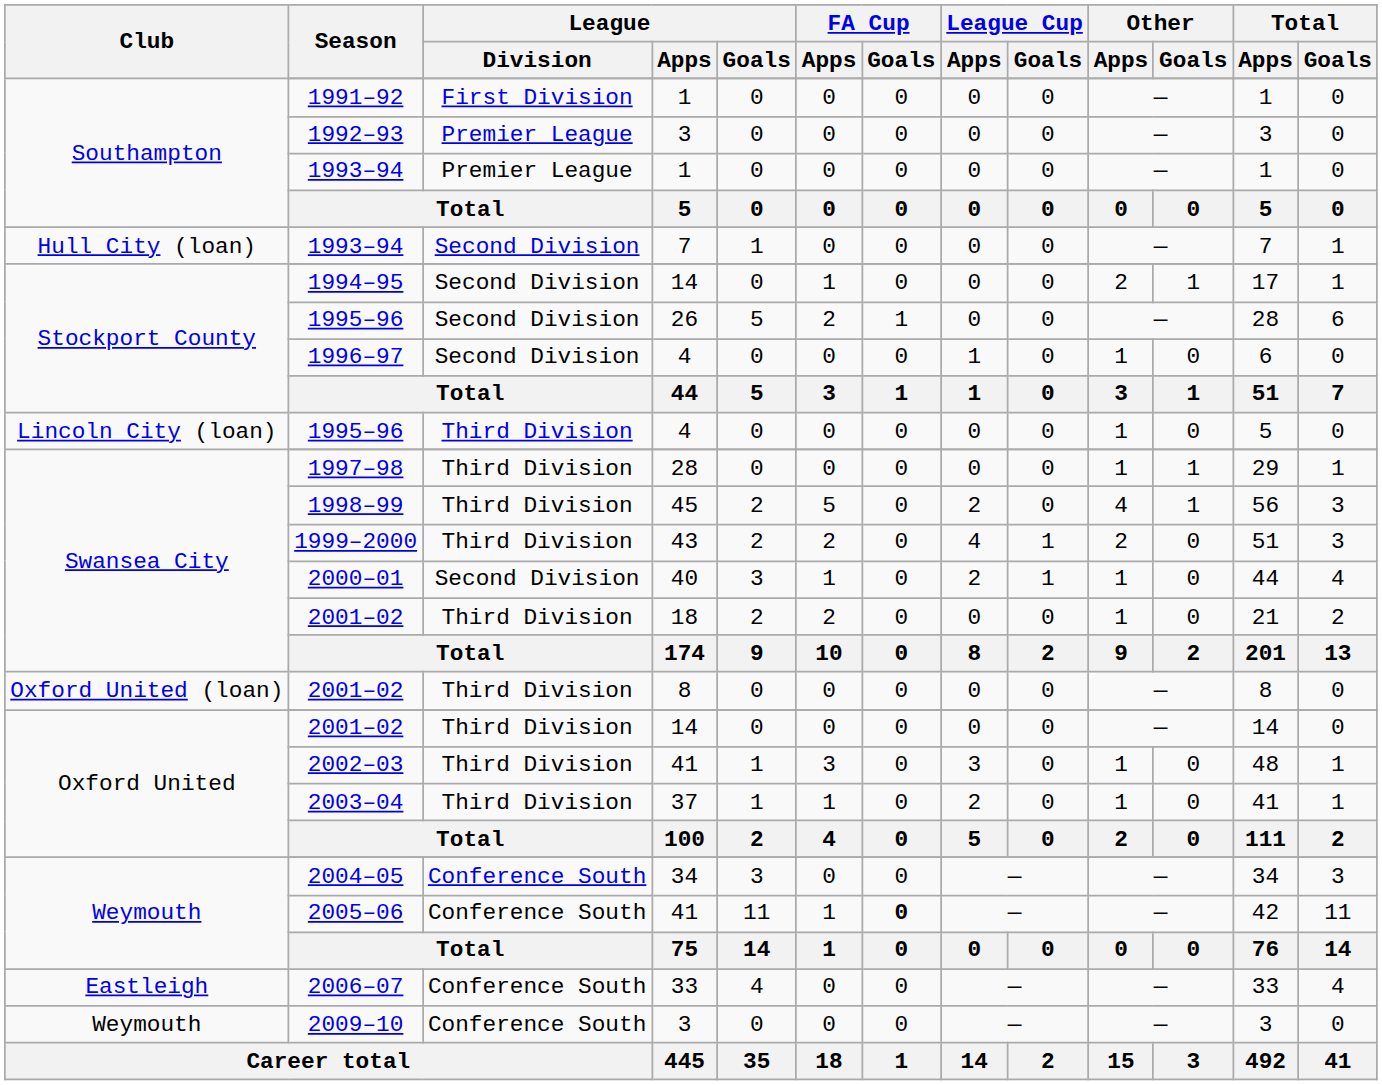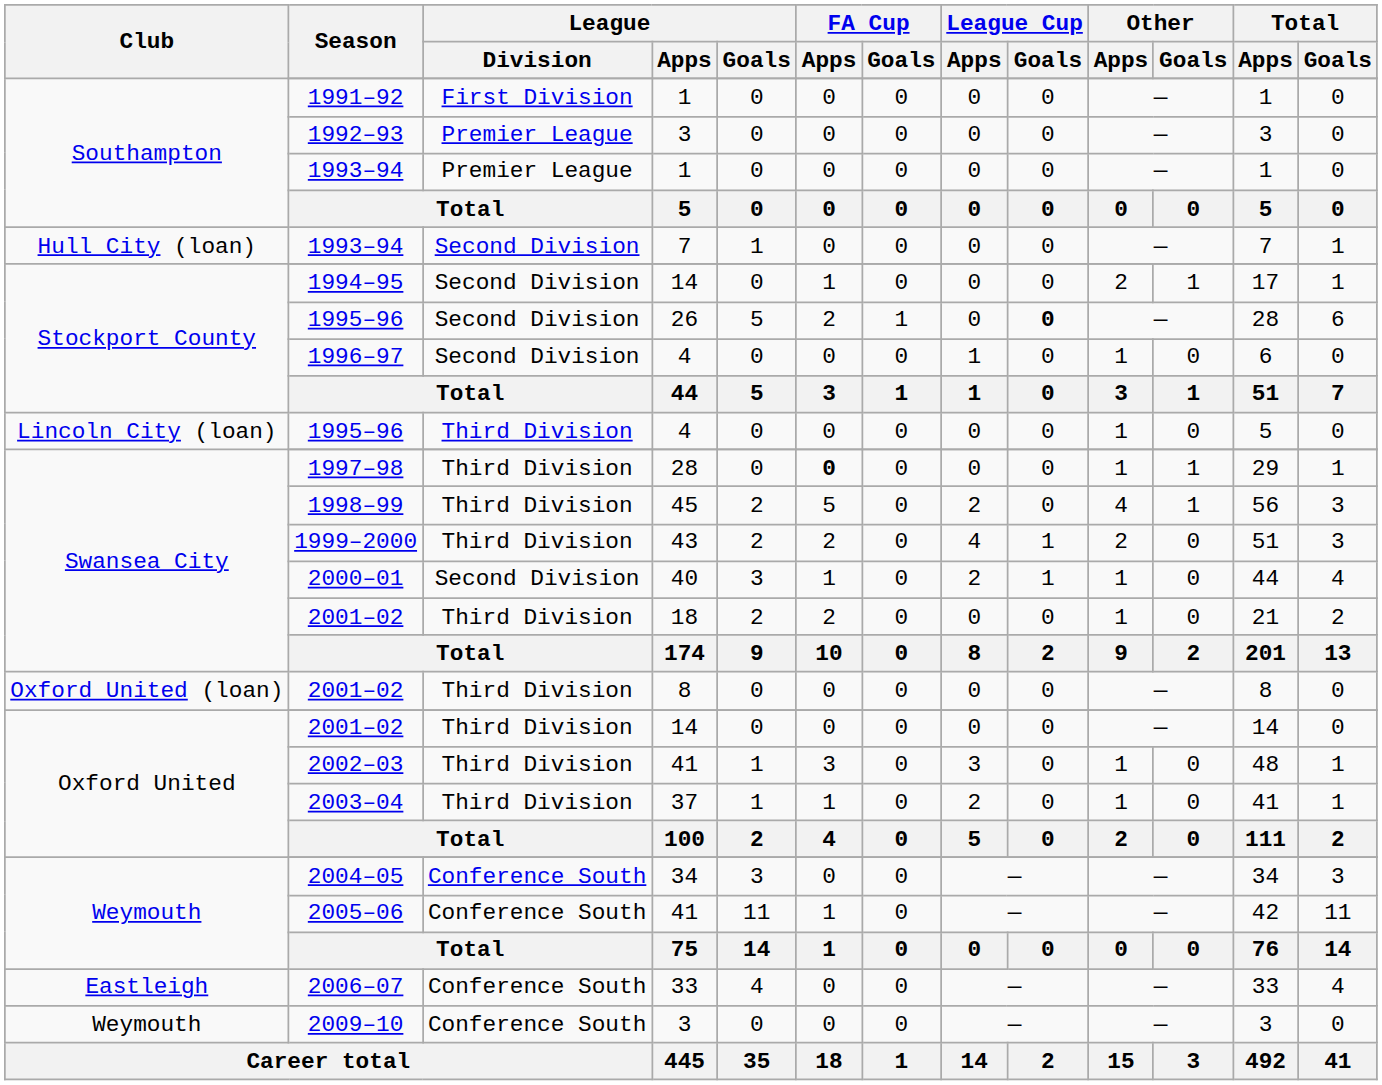 <table class=wikitable style=text-align:center>
 <tr>
 <th rowspan=2>Club</th>
 <th rowspan=2>Season</th>
 <th colspan=3>League</th>
 <th colspan=2><a href='#'>FA Cup</a></th>
 <th colspan=2><a href='#'>League Cup</a></th>
 <th colspan=2>Other</th>
 <th colspan=2>Total</th>
 </tr>
 <tr>
 <th>Division</th>
 <th>Apps</th>
 <th>Goals</th>
 <th>Apps</th>
 <th>Goals</th>
 <th>Apps</th>
 <th>Goals</th>
 <th>Apps</th>
 <th>Goals</th>
 <th>Apps</th>
 <th>Goals</th>
 </tr>
 <tr>
 <td rowspan=5><a href='#'>Southampton</a></td>
 </tr>
 <tr>
 <td><a href='#'>1991–92</a></td>
 <td><a href='#'>First Division</a></td>
 <td>1</td>
 <td>0</td>
 <td>0</td>
 <td>0</td>
 <td>0</td>
 <td>0</td>
 <td colspan=2>—</td>
 <td>1</td>
 <td>0</td>
 </tr>
 <tr>
 <td><a href='#'>1992–93</a></td>
 <td><a href='#'>Premier League</a></td>
 <td>3</td>
 <td>0</td>
 <td>0</td>
 <td>0</td>
 <td>0</td>
 <td>0</td>
 <td colspan=2>—</td>
 <td>3</td>
 <td>0</td>
 </tr>
 <tr>
 <td><a href='#'>1993–94</a></td>
 <td>Premier League</td>
 <td>1</td>
 <td>0</td>
 <td>0</td>
 <td>0</td>
 <td>0</td>
 <td>0</td>
 <td colspan=2>—</td>
 <td>1</td>
 <td>0</td>
 </tr>
 <tr>
 <th colspan=2>Total</th>
 <th>5</th>
 <th>0</th>
 <th>0</th>
 <th>0</th>
 <th>0</th>
 <th>0</th>
 <th>0</th>
 <th>0</th>
 <th>5</th>
 <th>0</th>
 </tr>
 <tr>
 <td><a href='#'>Hull City</a> (loan)</td>
 <td><a href='#'>1993–94</a></td>
 <td><a href='#'>Second Division</a></td>
 <td>7</td>
 <td>1</td>
 <td>0</td>
 <td>0</td>
 <td>0</td>
 <td>0</td>
 <td colspan=2>—</td>
 <td>7</td>
 <td>1</td>
 </tr>
 <tr>
 <td rowspan=5><a href='#'>Stockport County</a></td>
 </tr>
 <tr>
 <td><a href='#'>1994–95</a></td>
 <td>Second Division</td>
 <td>14</td>
 <td>0</td>
 <td>1</td>
 <td>0</td>
 <td>0</td>
 <td>0</td>
 <td>2</td>
 <td>1</td>
 <td>17</td>
 <td>1</td>
 </tr>
 <tr>
 <td><a href='#'>1995–96</a></td>
 <td>Second Division</td>
 <td>26</td>
 <td>5</td>
 <td>2</td>
 <td>1</td>
 <td>0</td>
-<td>0</td>
+<td><strong>0</strong></td>
 <td colspan=2>—</td>
 <td>28</td>
 <td>6</td>
 </tr>
 <tr>
 <td><a href='#'>1996–97</a></td>
 <td>Second Division</td>
 <td>4</td>
 <td>0</td>
 <td>0</td>
 <td>0</td>
 <td>1</td>
 <td>0</td>
 <td>1</td>
 <td>0</td>
 <td>6</td>
 <td>0</td>
 </tr>
 <tr>
 <th colspan=2>Total</th>
 <th>44</th>
 <th>5</th>
 <th>3</th>
 <th>1</th>
 <th>1</th>
 <th>0</th>
 <th>3</th>
 <th>1</th>
 <th>51</th>
 <th>7</th>
 </tr>
 <tr>
 <td><a href='#'>Lincoln City</a> (loan)</td>
 <td><a href='#'>1995–96</a></td>
 <td><a href='#'>Third Division</a></td>
 <td>4</td>
 <td>0</td>
 <td>0</td>
 <td>0</td>
 <td>0</td>
 <td>0</td>
 <td>1</td>
 <td>0</td>
 <td>5</td>
 <td>0</td>
 </tr>
 <tr>
 <td rowspan=7><a href='#'>Swansea City</a></td>
 </tr>
 <tr>
 <td><a href='#'>1997–98</a></td>
 <td>Third Division</td>
 <td>28</td>
 <td>0</td>
-<td>0</td>
+<td><strong>0</strong></td>
 <td>0</td>
 <td>0</td>
 <td>0</td>
 <td>1</td>
 <td>1</td>
 <td>29</td>
 <td>1</td>
 </tr>
 <tr>
 <td><a href='#'>1998–99</a></td>
 <td>Third Division</td>
 <td>45</td>
 <td>2</td>
 <td>5</td>
 <td>0</td>
 <td>2</td>
 <td>0</td>
 <td>4</td>
 <td>1</td>
 <td>56</td>
 <td>3</td>
 </tr>
 <tr>
 <td><a href='#'>1999–2000</a></td>
 <td>Third Division</td>
 <td>43</td>
 <td>2</td>
 <td>2</td>
 <td>0</td>
 <td>4</td>
 <td>1</td>
 <td>2</td>
 <td>0</td>
 <td>51</td>
 <td>3</td>
 </tr>
 <tr>
 <td><a href='#'>2000–01</a></td>
 <td>Second Division</td>
 <td>40</td>
 <td>3</td>
 <td>1</td>
 <td>0</td>
 <td>2</td>
 <td>1</td>
 <td>1</td>
 <td>0</td>
 <td>44</td>
 <td>4</td>
 </tr>
 <tr>
 <td><a href='#'>2001–02</a></td>
 <td>Third Division</td>
 <td>18</td>
 <td>2</td>
 <td>2</td>
 <td>0</td>
 <td>0</td>
 <td>0</td>
 <td>1</td>
 <td>0</td>
 <td>21</td>
 <td>2</td>
 </tr>
 <tr>
 <th colspan=2>Total</th>
 <th>174</th>
 <th>9</th>
 <th>10</th>
 <th>0</th>
 <th>8</th>
 <th>2</th>
 <th>9</th>
 <th>2</th>
 <th>201</th>
 <th>13</th>
 </tr>
 <tr>
 <td><a href='#'>Oxford United</a> (loan)</td>
 <td><a href='#'>2001–02</a></td>
 <td>Third Division</td>
 <td>8</td>
 <td>0</td>
 <td>0</td>
 <td>0</td>
 <td>0</td>
 <td>0</td>
 <td colspan=2>—</td>
 <td>8</td>
 <td>0</td>
 </tr>
 <tr>
 <td rowspan=5>Oxford United</td>
 </tr>
 <tr>
 <td><a href='#'>2001–02</a></td>
 <td>Third Division</td>
 <td>14</td>
 <td>0</td>
 <td>0</td>
 <td>0</td>
 <td>0</td>
 <td>0</td>
 <td colspan=2>—</td>
 <td>14</td>
 <td>0</td>
 </tr>
 <tr>
 <td><a href='#'>2002–03</a></td>
 <td>Third Division</td>
 <td>41</td>
 <td>1</td>
 <td>3</td>
 <td>0</td>
 <td>3</td>
 <td>0</td>
 <td>1</td>
 <td>0</td>
 <td>48</td>
 <td>1</td>
 </tr>
 <tr>
 <td><a href='#'>2003–04</a></td>
 <td>Third Division</td>
 <td>37</td>
 <td>1</td>
 <td>1</td>
 <td>0</td>
 <td>2</td>
 <td>0</td>
 <td>1</td>
 <td>0</td>
 <td>41</td>
 <td>1</td>
 </tr>
 <tr>
 <th colspan=2>Total</th>
 <th>100</th>
 <th>2</th>
 <th>4</th>
 <th>0</th>
 <th>5</th>
 <th>0</th>
 <th>2</th>
 <th>0</th>
 <th>111</th>
 <th>2</th>
 </tr>
 <tr>
 <td rowspan=4><a href='#'>Weymouth</a></td>
 </tr>
 <tr>
 <td><a href='#'>2004–05</a></td>
 <td><a href='#'>Conference South</a></td>
 <td>34</td>
 <td>3</td>
 <td>0</td>
 <td>0</td>
 <td colspan=2>—</td>
 <td colspan=2>—</td>
 <td>34</td>
 <td>3</td>
 </tr>
 <tr>
 <td><a href='#'>2005–06</a></td>
 <td>Conference South</td>
 <td>41</td>
 <td>11</td>
 <td>1</td>
-<td><strong>0</strong></td>
+<td>0</td>
 <td colspan=2>—</td>
 <td colspan=2>—</td>
 <td>42</td>
 <td>11</td>
 </tr>
 <tr>
 <th colspan=2>Total</th>
 <th>75</th>
 <th>14</th>
 <th>1</th>
 <th>0</th>
 <th>0</th>
 <th>0</th>
 <th>0</th>
 <th>0</th>
 <th>76</th>
 <th>14</th>
 </tr>
 <tr>
 <td><a href='#'>Eastleigh</a></td>
 <td><a href='#'>2006–07</a></td>
 <td>Conference South</td>
 <td>33</td>
 <td>4</td>
 <td>0</td>
 <td>0</td>
 <td colspan=2>—</td>
 <td colspan=2>—</td>
 <td>33</td>
 <td>4</td>
 </tr>
 <tr>
 <td>Weymouth</td>
 <td><a href='#'>2009–10</a></td>
 <td>Conference South</td>
 <td>3</td>
 <td>0</td>
 <td>0</td>
 <td>0</td>
 <td colspan=2>—</td>
 <td colspan=2>—</td>
 <td>3</td>
 <td>0</td>
 </tr>
 <tr>
 <th colspan=3>Career total</th>
 <th>445</th>
 <th>35</th>
 <th>18</th>
 <th>1</th>
 <th>14</th>
 <th>2</th>
 <th>15</th>
 <th>3</th>
 <th>492</th>
 <th>41</th>
 </tr>
 </table>
